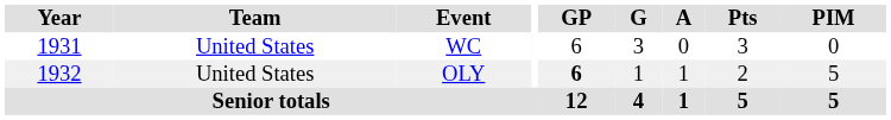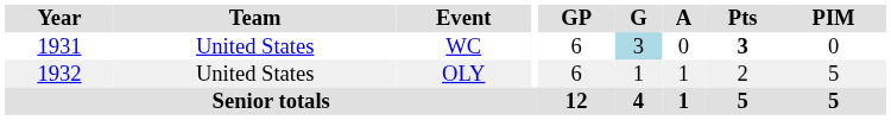 <table border="0" cellpadding="1" cellspacing="0" ID="Table3" style="text-align:center; width:40em">
 <tr bgcolor="#e0e0e0">
 <th>Year</th>
 <th>Team</th>
 <th>Event</th>
 <th rowspan="102" bgcolor="#ffffff"></th>
 <th>GP</th>
 <th>G</th>
 <th>A</th>
 <th>Pts</th>
 <th>PIM</th>
 </tr>
 <tr>
 <td><a href='#'>1931</a></td>
 <td><a href='#'>United States</a></td>
 <td><a href='#'>WC</a></td>
 <td>6</td>
-<td>3</td>
+<td style="background: lightblue;">3</td>
 <td>0</td>
-<td>3</td>
+<td><strong>3</strong></td>
 <td>0</td>
 </tr>
 <tr bgcolor="#f0f0f0">
 <td><a href='#'>1932</a></td>
 <td>United States</td>
 <td><a href='#'>OLY</a></td>
-<td><strong>6</strong></td>
+<td>6</td>
 <td>1</td>
 <td>1</td>
 <td>2</td>
 <td>5</td>
 </tr>
 <tr bgcolor="#e0e0e0">
 <th colspan="4">Senior totals</th>
 <th>12</th>
 <th>4</th>
 <th>1</th>
 <th>5</th>
 <th>5</th>
 </tr>
 </table>
